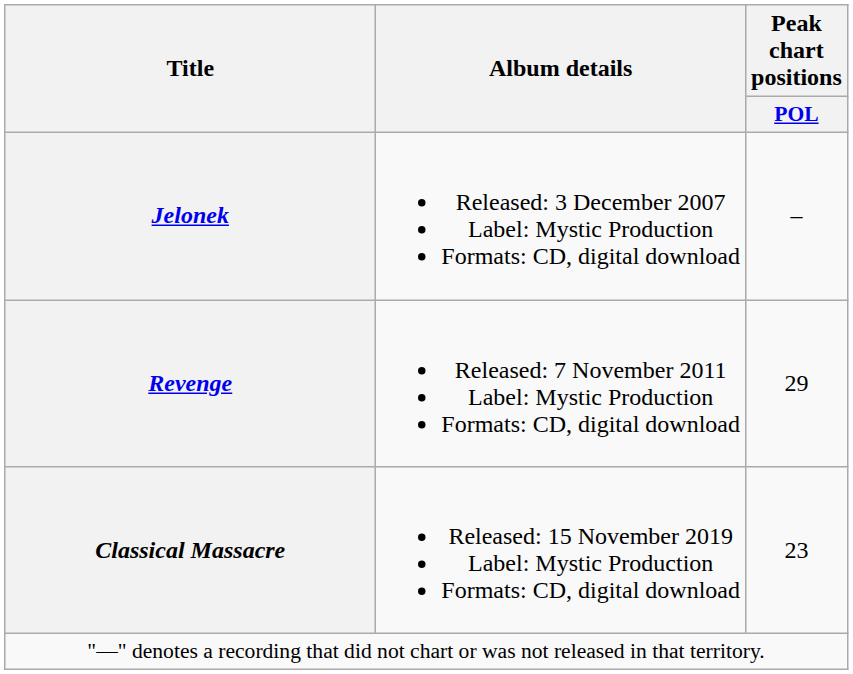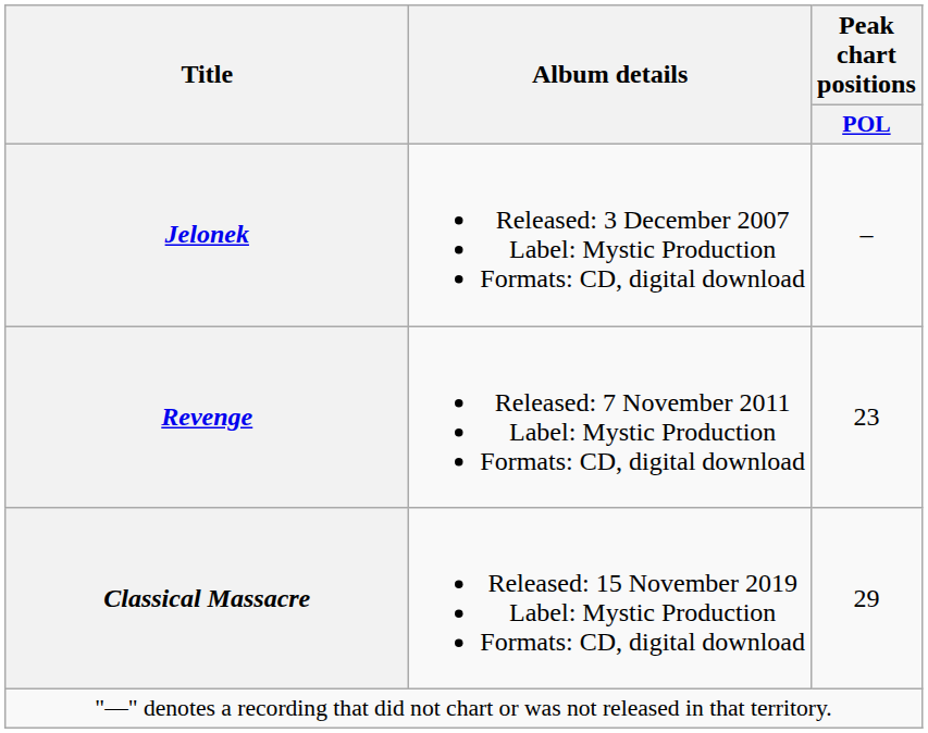 <table class="wikitable plainrowheaders" style="text-align:center;">
 <tr>
 <th scope="col" rowspan="2" style="width:15em;">Title</th>
 <th scope="col" rowspan="2">Album details</th>
 <th scope="col" colspan="1">Peak chart positions</th>
 </tr>
 <tr>
 <th scope="col" style="width:3em;font-size:90%;"><a href='#'>POL</a><br></th>
 </tr>
 <tr>
 <th scope="row"><em><a href='#'>Jelonek</a></em></th>
 <td><br><ul><li>Released: 3 December 2007</li><li>Label: Mystic Production</li><li>Formats: CD, digital download</li></ul></td>
 <td>–</td>
 </tr>
 <tr>
 <th scope="row"><em><a href='#'>Revenge</a></em></th>
 <td><br><ul><li>Released: 7 November 2011</li><li>Label: Mystic Production</li><li>Formats: CD, digital download</li></ul></td>
-<td>29</td>
+<td>23</td>
 </tr>
 <tr>
 <th scope="row"><em>Classical Massacre</em></th>
 <td><br><ul><li>Released: 15 November 2019</li><li>Label: Mystic Production</li><li>Formats: CD, digital download</li></ul></td>
-<td>23</td>
+<td>29</td>
 </tr>
 <tr>
 <td colspan="15" style="font-size:90%">"—" denotes a recording that did not chart or was not released in that territory.</td>
 </tr>
 </table>
